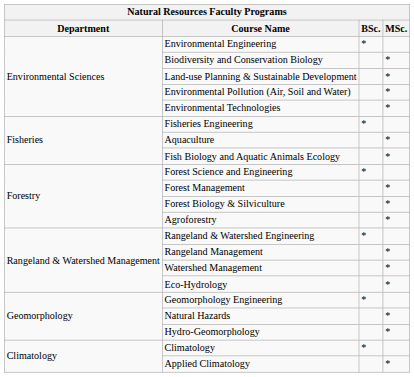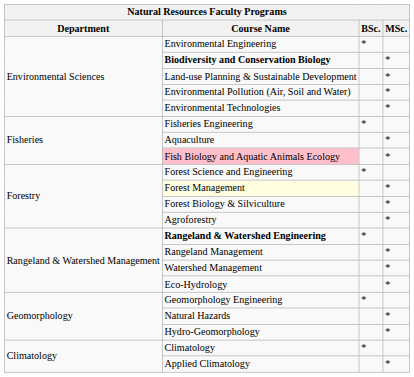 <table class="wikitable">
 <tr>
 <th colspan="4">Natural Resources Faculty Programs</th>
 </tr>
 <tr>
 <th>Department</th>
 <th>Course Name</th>
 <th>BSc.</th>
 <th>MSc.</th>
 </tr>
 <tr>
 <td rowspan="5">Environmental Sciences</td>
 <td>Environmental Engineering</td>
 <td>*</td>
 <td></td>
 </tr>
 <tr>
-<td>Biodiversity and Conservation Biology</td>
+<td><strong>Biodiversity and Conservation Biology</strong></td>
 <td></td>
 <td>*</td>
 </tr>
 <tr>
 <td>Land-use Planning & Sustainable Development</td>
 <td></td>
 <td>*</td>
 </tr>
 <tr>
 <td>Environmental Pollution (Air, Soil and Water)</td>
 <td></td>
 <td>*</td>
 </tr>
 <tr>
 <td>Environmental Technologies</td>
 <td></td>
 <td>*</td>
 </tr>
 <tr>
 <td rowspan="3">Fisheries</td>
 <td>Fisheries Engineering</td>
 <td>*</td>
 <td></td>
 </tr>
 <tr>
 <td>Aquaculture</td>
 <td></td>
 <td>*</td>
 </tr>
 <tr>
-<td>Fish Biology and Aquatic Animals Ecology</td>
+<td style="background: pink;">Fish Biology and Aquatic Animals Ecology</td>
 <td></td>
 <td>*</td>
 </tr>
 <tr>
 <td rowspan="4">Forestry</td>
 <td>Forest Science and Engineering</td>
 <td>*</td>
 <td></td>
 </tr>
 <tr>
-<td>Forest Management</td>
+<td style="background: lightyellow;">Forest Management</td>
 <td></td>
 <td>*</td>
 </tr>
 <tr>
 <td>Forest Biology & Silviculture</td>
 <td></td>
 <td>*</td>
 </tr>
 <tr>
 <td>Agroforestry</td>
 <td></td>
 <td>*</td>
 </tr>
 <tr>
 <td rowspan="4">Rangeland & Watershed Management</td>
-<td>Rangeland & Watershed Engineering</td>
+<td><strong>Rangeland & Watershed Engineering</strong></td>
 <td>*</td>
 <td></td>
 </tr>
 <tr>
 <td>Rangeland Management</td>
 <td></td>
 <td>*</td>
 </tr>
 <tr>
 <td>Watershed Management</td>
 <td></td>
 <td>*</td>
 </tr>
 <tr>
 <td>Eco-Hydrology</td>
 <td></td>
 <td>*</td>
 </tr>
 <tr>
 <td rowspan="3">Geomorphology</td>
 <td>Geomorphology Engineering</td>
 <td>*</td>
 <td></td>
 </tr>
 <tr>
 <td>Natural Hazards</td>
 <td></td>
 <td>*</td>
 </tr>
 <tr>
 <td>Hydro-Geomorphology</td>
 <td></td>
 <td>*</td>
 </tr>
 <tr>
 <td rowspan="2">Climatology</td>
 <td>Climatology</td>
 <td>*</td>
 <td></td>
 </tr>
 <tr>
 <td>Applied Climatology</td>
 <td></td>
 <td>*</td>
 </tr>
 </table>
